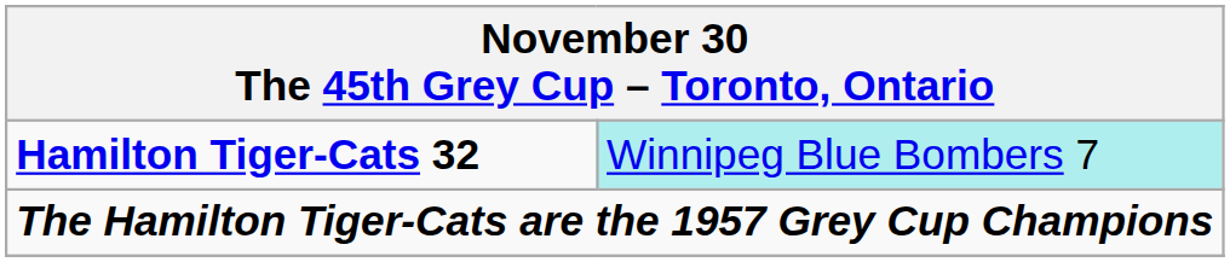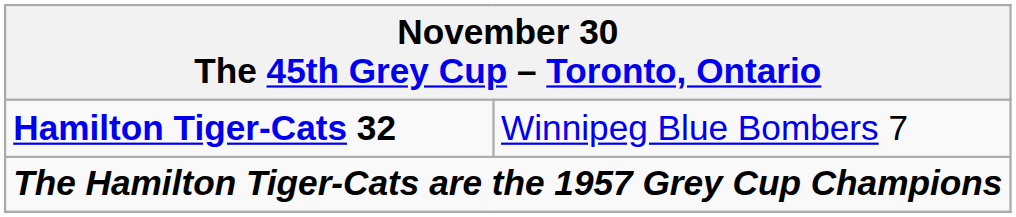 <table class="wikitable">
 <tr>
 <th colspan="2" bgcolor="#DDDDDD">November 30<br>The <a href='#'>45th Grey Cup</a> – <a href='#'>Toronto, Ontario</a></th>
 </tr>
 <tr>
 <td><strong><a href='#'>Hamilton Tiger-Cats</a> 32</strong></td>
-<td style="background: paleturquoise;"><a href='#'>Winnipeg Blue Bombers</a> 7</td>
+<td><a href='#'>Winnipeg Blue Bombers</a> 7</td>
 </tr>
 <tr>
 <td colspan="2" align="center"><strong><em>The Hamilton Tiger-Cats are the 1957 Grey Cup Champions</em></strong></td>
 </tr>
 <tr>
 </tr>
 </table>
